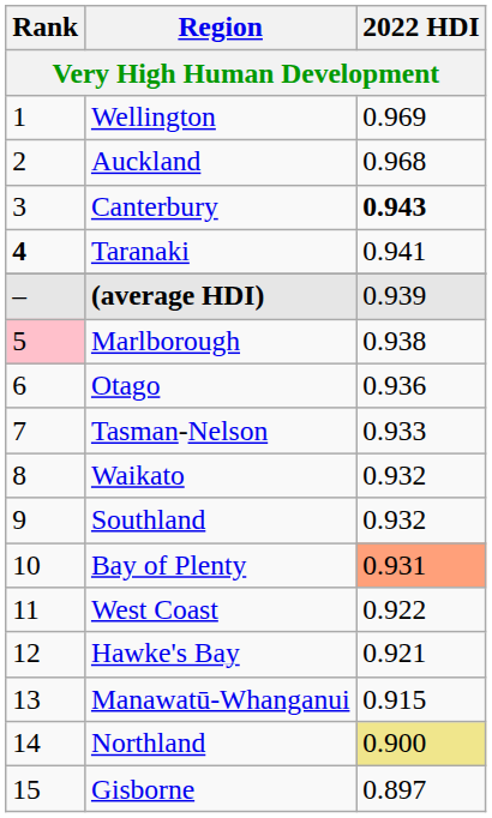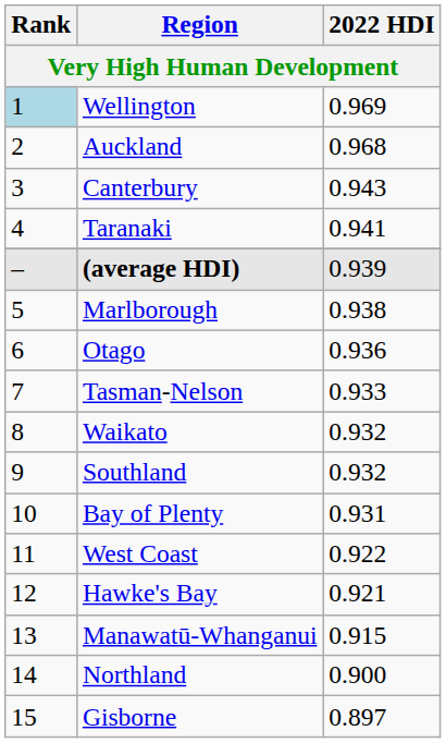 <table class="wikitable sortable">
 <tr>
 <th>Rank</th>
 <th><a href='#'>Region</a></th>
 <th>2022 HDI</th>
 </tr>
 <tr>
 <th colspan="3" style="color:#090;">Very High Human Development</th>
 </tr>
 <tr>
-<td>1</td>
+<td style="background: lightblue;">1</td>
 <td><a href='#'>Wellington</a></td>
 <td>0.969</td>
 </tr>
 <tr>
 <td>2</td>
 <td><a href='#'>Auckland</a></td>
 <td>0.968</td>
 </tr>
 <tr>
 <td>3</td>
 <td><a href='#'>Canterbury</a></td>
-<td><strong>0.943</strong></td>
+<td>0.943</td>
 </tr>
 <tr>
-<td><strong>4</strong></td>
+<td>4</td>
 <td><a href='#'>Taranaki</a></td>
 <td>0.941</td>
 </tr>
 <tr>
 </tr>
 <tr style="background:#e6e6e6">
 <td>–</td>
 <td><strong> (average HDI)</strong></td>
 <td>0.939</td>
 </tr>
 <tr>
-<td style="background: pink;">5</td>
+<td>5</td>
 <td><a href='#'>Marlborough</a></td>
 <td>0.938</td>
 </tr>
 <tr>
 <td>6</td>
 <td><a href='#'>Otago</a></td>
 <td>0.936</td>
 </tr>
 <tr>
 <td>7</td>
 <td><a href='#'>Tasman</a>-<a href='#'>Nelson</a></td>
 <td>0.933</td>
 </tr>
 <tr>
 <td>8</td>
 <td><a href='#'>Waikato</a></td>
 <td>0.932</td>
 </tr>
 <tr>
 <td>9</td>
 <td><a href='#'>Southland</a></td>
 <td>0.932</td>
 </tr>
 <tr>
 <td>10</td>
 <td><a href='#'>Bay of Plenty</a></td>
-<td style="background: lightsalmon;">0.931</td>
+<td>0.931</td>
 </tr>
 <tr>
 <td>11</td>
 <td><a href='#'>West Coast</a></td>
 <td>0.922</td>
 </tr>
 <tr>
 <td>12</td>
 <td><a href='#'>Hawke's Bay</a></td>
 <td>0.921</td>
 </tr>
 <tr>
 <td>13</td>
 <td><a href='#'>Manawatū-Whanganui</a></td>
 <td>0.915</td>
 </tr>
 <tr>
 <td>14</td>
 <td><a href='#'>Northland</a></td>
-<td style="background: khaki;">0.900</td>
+<td>0.900</td>
 </tr>
 <tr>
 <td>15</td>
 <td><a href='#'>Gisborne</a></td>
 <td>0.897</td>
 </tr>
 </table>
